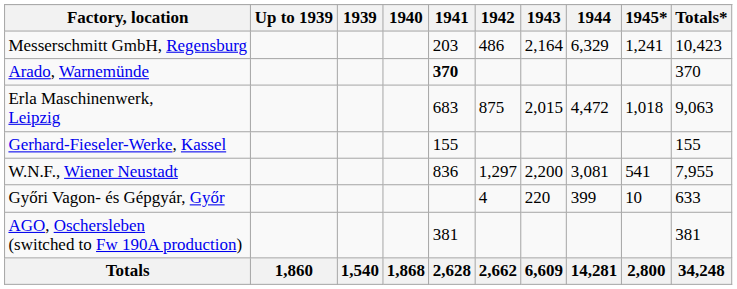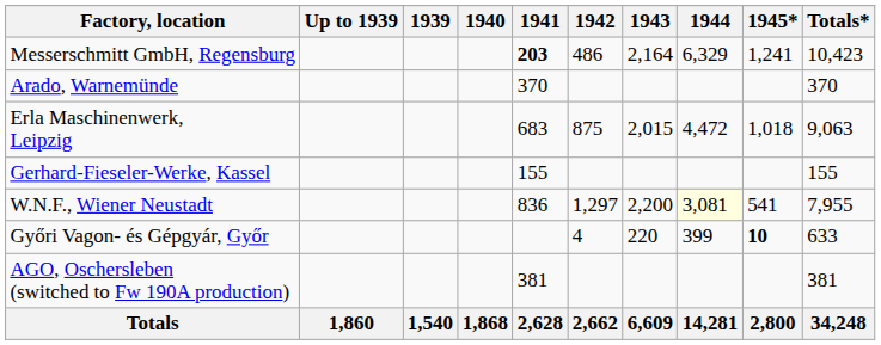 <table class="wikitable sortable"; text-align:center">
 <tr>
 </tr>
 <tr>
 <th>Factory, location</th>
 <th>Up to 1939</th>
 <th>1939</th>
 <th>1940</th>
 <th>1941</th>
 <th>1942</th>
 <th>1943</th>
 <th>1944</th>
 <th>1945*</th>
 <th>Totals*</th>
 </tr>
 <tr>
 <td>Messerschmitt GmbH, <a href='#'>Regensburg</a></td>
 <td></td>
 <td></td>
 <td></td>
-<td>203</td>
+<td><strong>203</strong></td>
 <td>486</td>
 <td>2,164</td>
 <td>6,329</td>
 <td>1,241</td>
 <td>10,423</td>
 </tr>
 <tr>
 <td><a href='#'>Arado</a>, <a href='#'>Warnemünde</a></td>
 <td></td>
 <td></td>
 <td></td>
-<td><strong>370</strong></td>
+<td>370</td>
 <td></td>
 <td></td>
 <td></td>
 <td></td>
 <td>370</td>
 </tr>
 <tr>
 <td>Erla Maschinenwerk,<br><a href='#'>Leipzig</a></td>
 <td></td>
 <td></td>
 <td></td>
 <td>683</td>
 <td>875</td>
 <td>2,015</td>
 <td>4,472</td>
 <td>1,018</td>
 <td>9,063</td>
 </tr>
 <tr>
 <td><a href='#'>Gerhard-Fieseler-Werke</a>, <a href='#'>Kassel</a></td>
 <td></td>
 <td></td>
 <td></td>
 <td>155</td>
 <td></td>
 <td></td>
 <td></td>
 <td></td>
 <td>155</td>
 </tr>
 <tr>
 <td>W.N.F., <a href='#'>Wiener Neustadt</a></td>
 <td></td>
 <td></td>
 <td></td>
 <td>836</td>
 <td>1,297</td>
 <td>2,200</td>
-<td>3,081</td>
+<td style="background: lightyellow;">3,081</td>
 <td>541</td>
 <td>7,955</td>
 </tr>
 <tr>
 <td>Győri Vagon- és Gépgyár, <a href='#'>Győr</a></td>
 <td></td>
 <td></td>
 <td></td>
 <td></td>
 <td>4</td>
 <td>220</td>
 <td>399</td>
-<td>10</td>
+<td><strong>10</strong></td>
 <td>633</td>
 </tr>
 <tr>
 <td><a href='#'>AGO</a>, <a href='#'>Oschersleben</a><br>(switched to <a href='#'>Fw 190A production</a>)</td>
 <td></td>
 <td></td>
 <td></td>
 <td>381</td>
 <td></td>
 <td></td>
 <td></td>
 <td></td>
 <td>381</td>
 </tr>
 <tr>
 <th>Totals</th>
 <th>1,860</th>
 <th>1,540</th>
 <th>1,868</th>
 <th>2,628</th>
 <th>2,662</th>
 <th>6,609</th>
 <th>14,281</th>
 <th>2,800</th>
 <th>34,248</th>
 </tr>
 </table>
